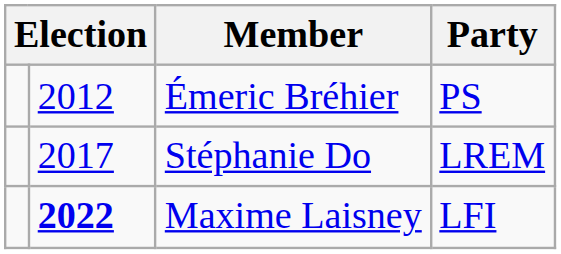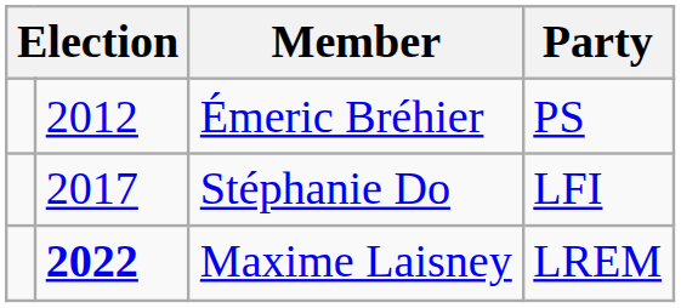 <table class="wikitable">
 <tr>
 <th colspan="2">Election</th>
 <th>Member</th>
 <th>Party</th>
 </tr>
 <tr>
 <td style="color:inherit;background-color: "></td>
 <td><a href='#'>2012</a></td>
 <td><a href='#'>Émeric Bréhier</a></td>
 <td><a href='#'>PS</a></td>
 </tr>
 <tr>
 <td style="color:inherit;background-color: "></td>
 <td><a href='#'>2017</a></td>
 <td><a href='#'>Stéphanie Do</a></td>
-<td><a href='#'>LREM</a></td>
+<td><a href='#'>LFI</a></td>
 </tr>
 <tr>
 <td style="color:inherit;background-color: "></td>
 <td><strong><a href='#'>2022</a></strong></td>
 <td><a href='#'>Maxime Laisney</a></td>
-<td><a href='#'>LFI</a></td>
+<td><a href='#'>LREM</a></td>
 </tr>
 </table>
